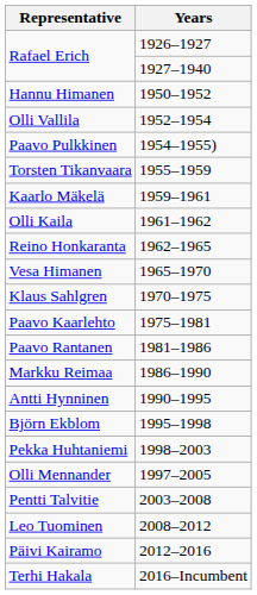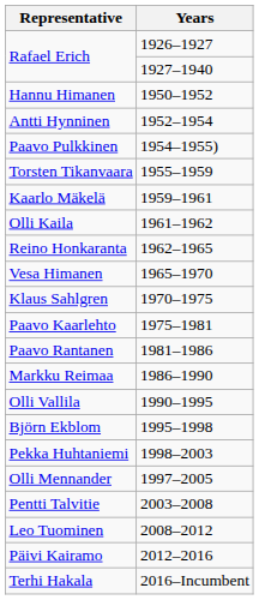 <table class="wikitable sortable">
 <tr>
 <th>Representative</th>
 <th>Years</th>
 </tr>
 <tr>
 <td rowspan="2"><a href='#'>Rafael Erich</a></td>
 <td>1926–1927</td>
 </tr>
 <tr>
 <td>1927–1940</td>
 </tr>
 <tr>
 <td><a href='#'>Hannu Himanen</a></td>
 <td>1950–1952</td>
 </tr>
 <tr>
-<td><a href='#'>Olli Vallila</a></td>
+<td><a href='#'>Antti Hynninen</a></td>
 <td>1952–1954</td>
 </tr>
 <tr>
 <td><a href='#'>Paavo Pulkkinen</a></td>
 <td>1954–1955)</td>
 </tr>
 <tr>
 <td><a href='#'>Torsten Tikanvaara</a></td>
 <td>1955–1959</td>
 </tr>
 <tr>
 <td><a href='#'>Kaarlo Mäkelä</a></td>
 <td>1959–1961</td>
 </tr>
 <tr>
 <td><a href='#'>Olli Kaila</a></td>
 <td>1961–1962</td>
 </tr>
 <tr>
 <td><a href='#'>Reino Honkaranta</a></td>
 <td>1962–1965</td>
 </tr>
 <tr>
 <td><a href='#'>Vesa Himanen</a></td>
 <td>1965–1970</td>
 </tr>
 <tr>
 <td><a href='#'>Klaus Sahlgren</a></td>
 <td>1970–1975</td>
 </tr>
 <tr>
 <td><a href='#'>Paavo Kaarlehto</a></td>
 <td>1975–1981</td>
 </tr>
 <tr>
 <td><a href='#'>Paavo Rantanen</a></td>
 <td>1981–1986</td>
 </tr>
 <tr>
 <td><a href='#'>Markku Reimaa</a></td>
 <td>1986–1990</td>
 </tr>
 <tr>
-<td><a href='#'>Antti Hynninen</a></td>
+<td><a href='#'>Olli Vallila</a></td>
 <td>1990–1995</td>
 </tr>
 <tr>
 <td><a href='#'>Björn Ekblom</a></td>
 <td>1995–1998</td>
 </tr>
 <tr>
 <td><a href='#'>Pekka Huhtaniemi</a></td>
 <td>1998–2003</td>
 </tr>
 <tr>
 <td><a href='#'>Olli Mennander</a></td>
 <td>1997–2005</td>
 </tr>
 <tr>
 <td><a href='#'>Pentti Talvitie</a></td>
 <td>2003–2008</td>
 </tr>
 <tr>
 <td><a href='#'>Leo Tuominen</a></td>
 <td>2008–2012</td>
 </tr>
 <tr>
 <td><a href='#'>Päivi Kairamo</a></td>
 <td>2012–2016</td>
 </tr>
 <tr>
 <td><a href='#'>Terhi Hakala</a></td>
 <td>2016–Incumbent</td>
 </tr>
 </table>
